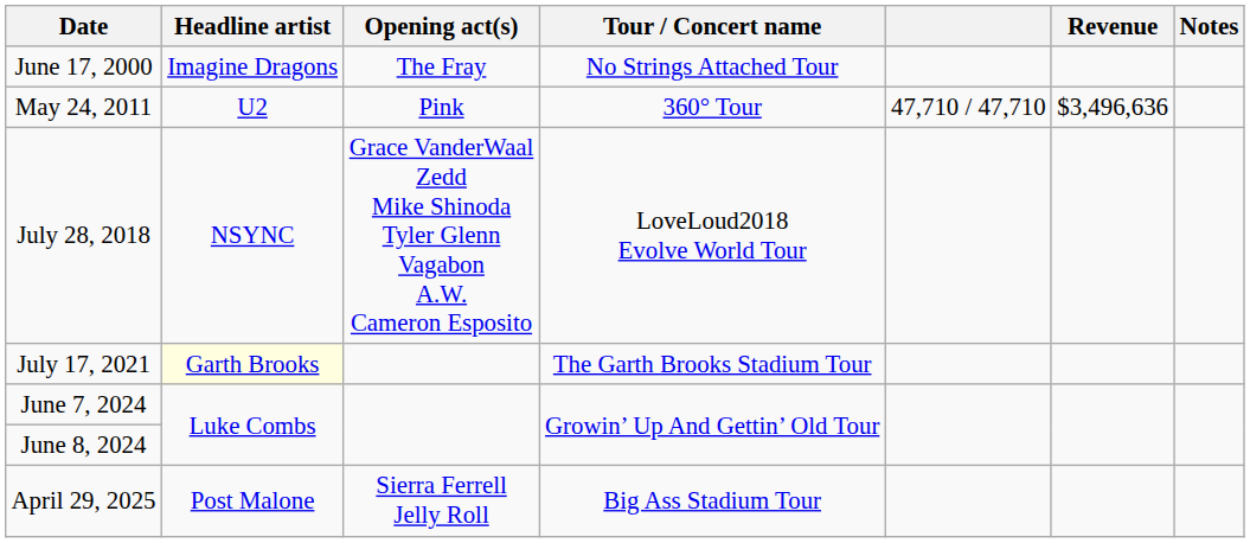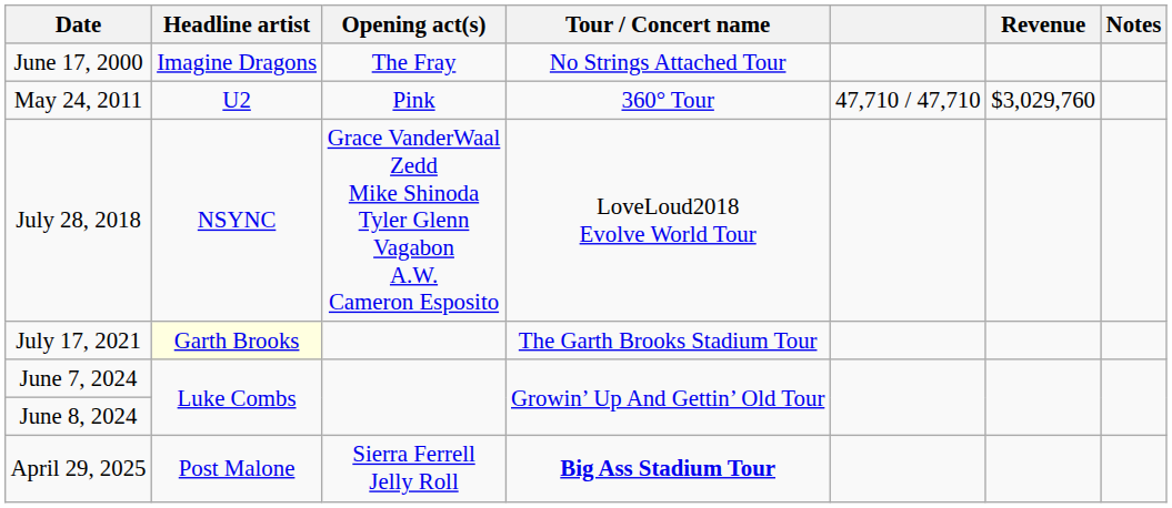 <table class="wikitable" style="text-align:center; font-size:95%">
 <tr>
 <th>Date</th>
 <th>Headline artist</th>
 <th>Opening act(s)</th>
 <th>Tour / Concert name</th>
 <th></th>
 <th>Revenue</th>
 <th>Notes</th>
 </tr>
 <tr>
 <td>June 17, 2000</td>
 <td><a href='#'>Imagine Dragons</a></td>
 <td><a href='#'>The Fray</a></td>
 <td><a href='#'>No Strings Attached Tour</a></td>
 <td></td>
 <td></td>
 <td></td>
 </tr>
 <tr>
 <td>May 24, 2011</td>
 <td><a href='#'>U2</a></td>
 <td><a href='#'>Pink</a></td>
 <td><a href='#'>360° Tour</a></td>
 <td>47,710 / 47,710</td>
-<td>$3,496,636</td>
+<td>$3,029,760</td>
 <td></td>
 </tr>
 <tr>
 <td>July 28, 2018</td>
 <td><a href='#'>NSYNC</a></td>
 <td><a href='#'>Grace VanderWaal</a><br><a href='#'>Zedd</a><br><a href='#'>Mike Shinoda</a><br><a href='#'>Tyler Glenn</a><br><a href='#'>Vagabon</a><br><a href='#'>A.W.</a><br><a href='#'>Cameron Esposito</a></td>
 <td>LoveLoud2018<br><a href='#'>Evolve World Tour</a></td>
 <td></td>
 <td></td>
 <td></td>
 </tr>
 <tr>
 <td>July 17, 2021</td>
 <td style="background: lightyellow;"><a href='#'>Garth Brooks</a></td>
 <td></td>
 <td><a href='#'>The Garth Brooks Stadium Tour</a></td>
 <td></td>
 <td></td>
 <td></td>
 </tr>
 <tr>
 <td>June 7, 2024</td>
 <td rowspan=2><a href='#'>Luke Combs</a></td>
 <td rowspan=2></td>
 <td rowspan=2><a href='#'>Growin’ Up And Gettin’ Old Tour</a></td>
 <td rowspan=2></td>
 <td rowspan=2></td>
 <td rowspan=2></td>
 </tr>
 <tr>
 <td>June 8, 2024</td>
 </tr>
 <tr>
 <td>April 29, 2025</td>
 <td><a href='#'>Post Malone</a></td>
 <td><a href='#'>Sierra Ferrell</a><br><a href='#'>Jelly Roll</a></td>
-<td><a href='#'>Big Ass Stadium Tour</a></td>
+<td><strong><a href='#'>Big Ass Stadium Tour</a></strong></td>
 <td></td>
 <td></td>
 <td></td>
 </tr>
 </table>
